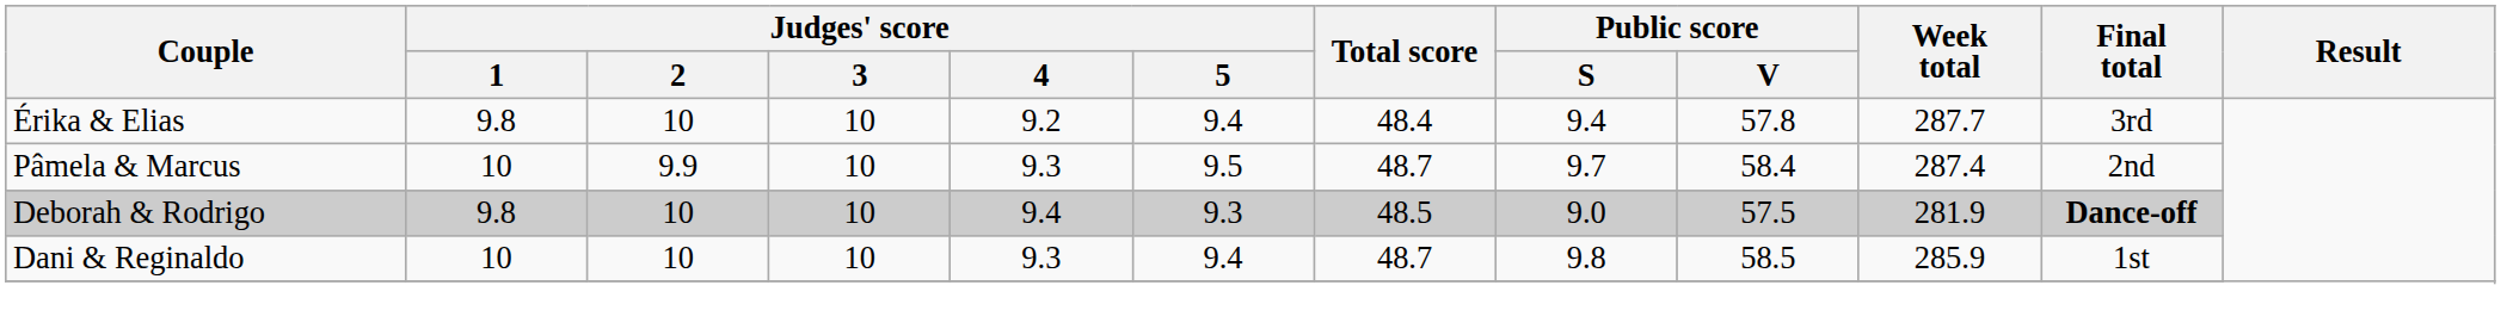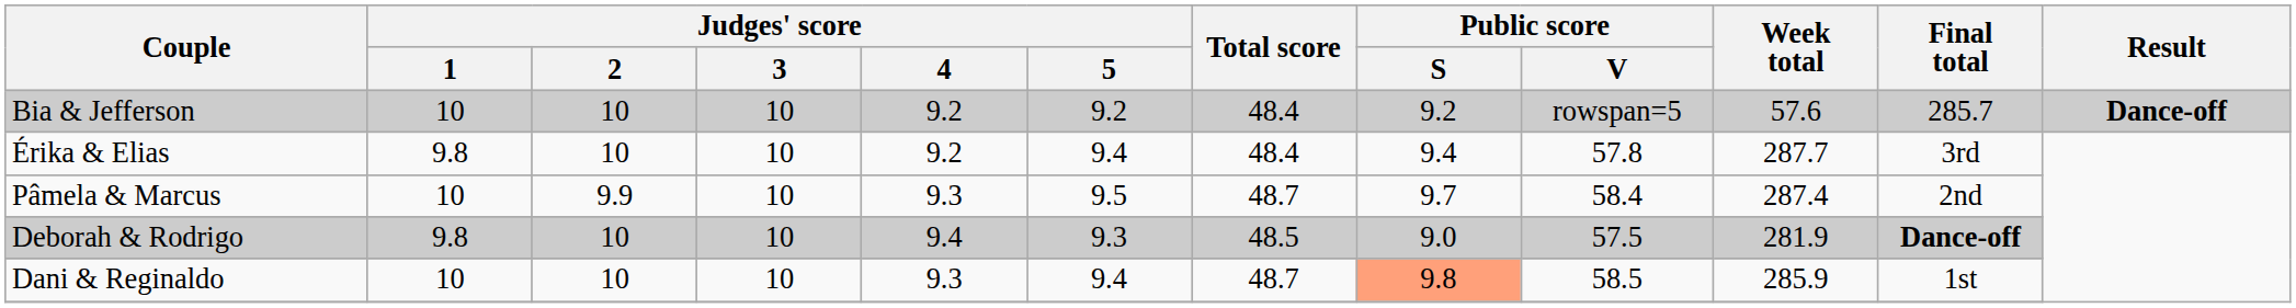 <table class="wikitable" style="font-size:100%; line-height:16px; text-align:center" width="100%">
 <tr>
 <th rowspan=2 width="11.0%">Couple</th>
 <th colspan=5 width="25.0%">Judges' score</th>
 <th rowspan=2 width="05.0%">Total score</th>
 <th colspan=2 width="10.0%">Public score</th>
 <th rowspan=2 width="05.0%">Week<br>total</th>
 <th rowspan=2 width="05.0%">Final<br>total</th>
 <th rowspan=2 width="07.5%">Result <br></th>
 </tr>
 <tr>
 <th width="05.0%">1</th>
 <th width="05.0%">2</th>
 <th width="05.0%">3</th>
 <th width="05.0%">4</th>
 <th width="05.0%">5</th>
 <th width="05.0%">S</th>
 <th width="05.0%">V</th>
+</tr>
+<tr bgcolor=CCCCCC>
+<td align="left">Bia & Jefferson</td>
+<td>10</td>
+<td>10</td>
+<td>10</td>
+<td>9.2</td>
+<td>9.2</td>
+<td>48.4</td>
+<td>9.2</td>
+<td>rowspan=5 </td>
+<td>57.6</td>
+<td>285.7</td>
+<td><strong>Dance-off</strong></td>
 </tr>
 <tr>
 <td align="left">Érika & Elias</td>
 <td>9.8</td>
 <td>10</td>
 <td>10</td>
 <td>9.2</td>
 <td>9.4</td>
 <td>48.4</td>
 <td>9.4</td>
 <td>57.8</td>
 <td>287.7</td>
 <td>3rd</td>
 </tr>
 <tr>
 <td align="left">Pâmela & Marcus</td>
 <td>10</td>
 <td>9.9</td>
 <td>10</td>
 <td>9.3</td>
 <td>9.5</td>
 <td>48.7</td>
 <td>9.7</td>
 <td>58.4</td>
 <td>287.4</td>
 <td>2nd</td>
 </tr>
 <tr bgcolor=CCCCCC>
 <td align="left">Deborah & Rodrigo</td>
 <td>9.8</td>
 <td>10</td>
 <td>10</td>
 <td>9.4</td>
 <td>9.3</td>
 <td>48.5</td>
 <td>9.0</td>
 <td>57.5</td>
 <td>281.9</td>
 <td><strong>Dance-off</strong></td>
 </tr>
 <tr>
 <td align="left">Dani & Reginaldo</td>
 <td>10</td>
 <td>10</td>
 <td>10</td>
 <td>9.3</td>
 <td>9.4</td>
 <td>48.7</td>
-<td>9.8</td>
+<td style="background: lightsalmon;">9.8</td>
 <td>58.5</td>
 <td>285.9</td>
 <td>1st</td>
 </tr>
 <tr>
 </tr>
 </table>
